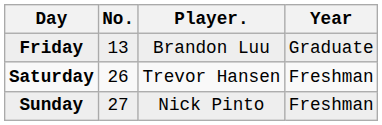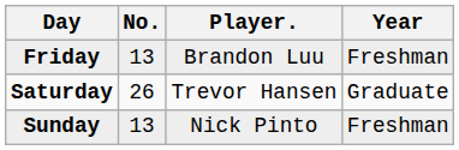 <table class="wikitable non-sortable">
 <tr>
 <th style="text-align:center; ">Day</th>
 <th style="text-align:center; ">No.</th>
 <th style="text-align:center; ">Player.</th>
 <th style="text-align:center; ">Year</th>
 </tr>
 <tr style="background:#eeeeee;text-align:center;">
 <td><strong>Friday</strong></td>
 <td>13</td>
 <td>Brandon Luu</td>
-<td>Graduate</td>
+<td>Freshman</td>
 </tr>
 <tr style="text-align:center;">
 <td><strong>Saturday</strong></td>
 <td>26</td>
 <td>Trevor Hansen</td>
-<td>Freshman</td>
+<td>Graduate</td>
 </tr>
 <tr style="background:#eeeeee;text-align:center;">
 <td><strong>Sunday</strong></td>
-<td>27</td>
+<td>13</td>
 <td>Nick Pinto</td>
 <td>Freshman</td>
 </tr>
 </table>
